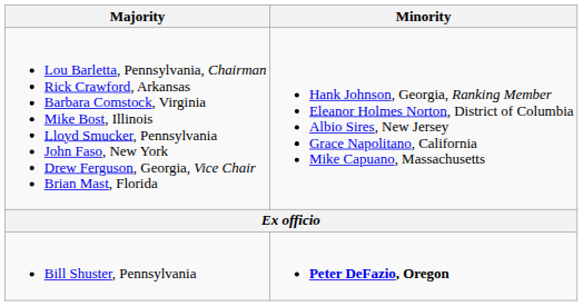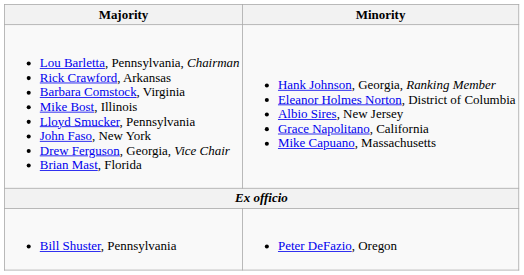 <table class=wikitable>
 <tr>
 <th>Majority</th>
 <th>Minority</th>
 </tr>
 <tr>
 <td><br><ul><li><a href='#'>Lou Barletta</a>, Pennsylvania, <em>Chairman</em></li><li><a href='#'>Rick Crawford</a>, Arkansas</li><li><a href='#'>Barbara Comstock</a>, Virginia</li><li><a href='#'>Mike Bost</a>, Illinois</li><li><a href='#'>Lloyd Smucker</a>, Pennsylvania</li><li><a href='#'>John Faso</a>, New York</li><li><a href='#'>Drew Ferguson</a>, Georgia, <em>Vice Chair</em></li><li><a href='#'>Brian Mast</a>, Florida</li></ul></td>
 <td><br><ul><li><a href='#'>Hank Johnson</a>, Georgia, <em>Ranking Member</em></li><li><a href='#'>Eleanor Holmes Norton</a>, District of Columbia</li><li><a href='#'>Albio Sires</a>, New Jersey</li><li><a href='#'>Grace Napolitano</a>, California</li><li><a href='#'>Mike Capuano</a>, Massachusetts</li></ul></td>
 </tr>
 <tr>
 <th colspan=2><em>Ex officio</em></th>
 </tr>
 <tr>
 <td><br><ul><li><a href='#'>Bill Shuster</a>, Pennsylvania</li></ul></td>
-<td><strong><br><ul><li><a href='#'>Peter DeFazio</a>, Oregon</li></ul></strong></td>
+<td><br><ul><li><a href='#'>Peter DeFazio</a>, Oregon</li></ul></td>
 </tr>
 </table>
